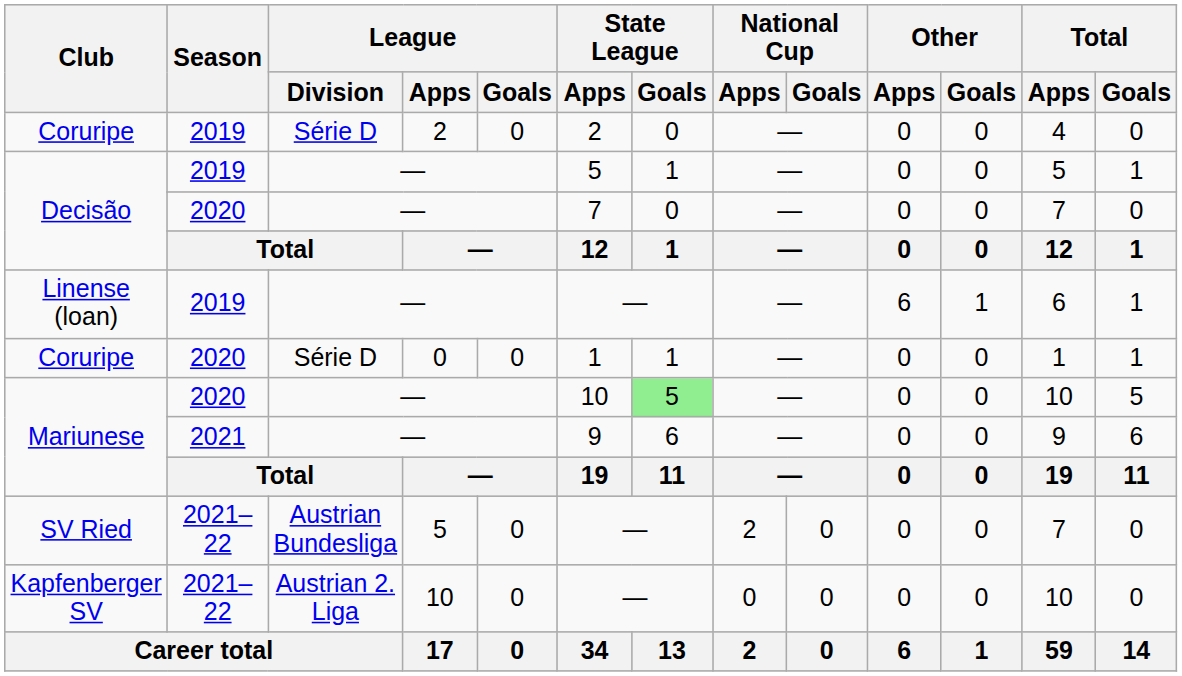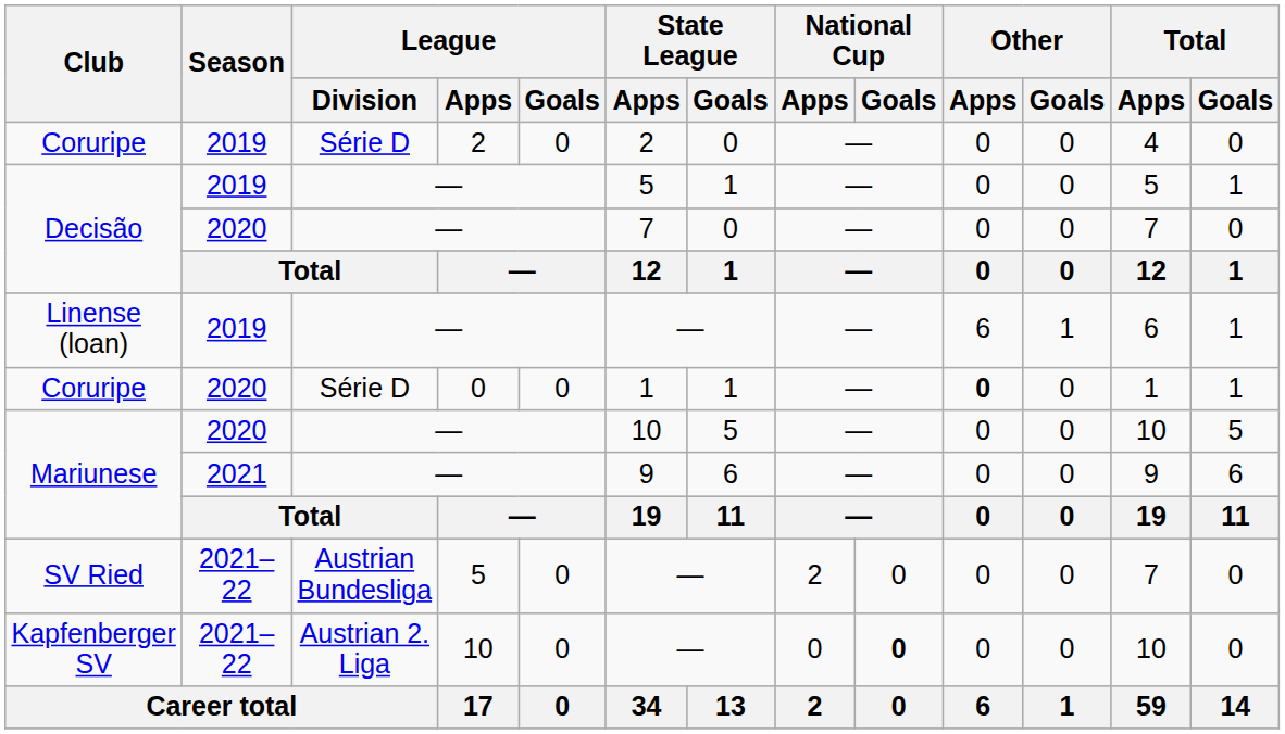 <table class="wikitable" style="text-align: center;">
 <tr>
 <th rowspan="2">Club</th>
 <th rowspan="2">Season</th>
 <th colspan="3">League</th>
 <th colspan="2">State League</th>
 <th colspan="2">National Cup</th>
 <th colspan="2">Other</th>
 <th colspan="2">Total</th>
 </tr>
 <tr>
 <th>Division</th>
 <th>Apps</th>
 <th>Goals</th>
 <th>Apps</th>
 <th>Goals</th>
 <th>Apps</th>
 <th>Goals</th>
 <th>Apps</th>
 <th>Goals</th>
 <th>Apps</th>
 <th>Goals</th>
 </tr>
 <tr>
 <td><a href='#'>Coruripe</a></td>
 <td><a href='#'>2019</a></td>
 <td><a href='#'>Série D</a></td>
 <td>2</td>
 <td>0</td>
 <td>2</td>
 <td>0</td>
 <td colspan="2">—</td>
 <td>0</td>
 <td>0</td>
 <td>4</td>
 <td>0</td>
 </tr>
 <tr>
 <td rowspan="3"><a href='#'>Decisão</a></td>
 <td><a href='#'>2019</a></td>
 <td colspan="3">—</td>
 <td>5</td>
 <td>1</td>
 <td colspan="2">—</td>
 <td>0</td>
 <td>0</td>
 <td>5</td>
 <td>1</td>
 </tr>
 <tr>
 <td><a href='#'>2020</a></td>
 <td colspan="3">—</td>
 <td>7</td>
 <td>0</td>
 <td colspan="2">—</td>
 <td>0</td>
 <td>0</td>
 <td>7</td>
 <td>0</td>
 </tr>
 <tr>
 <th colspan="2">Total</th>
 <th colspan="2">—</th>
 <th>12</th>
 <th>1</th>
 <th colspan="2">—</th>
 <th>0</th>
 <th>0</th>
 <th>12</th>
 <th>1</th>
 </tr>
 <tr>
 <td><a href='#'>Linense</a> (loan)</td>
 <td><a href='#'>2019</a></td>
 <td colspan="3">—</td>
 <td colspan="2">—</td>
 <td colspan="2">—</td>
 <td>6</td>
 <td>1</td>
 <td>6</td>
 <td>1</td>
 </tr>
 <tr>
 <td><a href='#'>Coruripe</a></td>
 <td><a href='#'>2020</a></td>
 <td>Série D</td>
 <td>0</td>
 <td>0</td>
 <td>1</td>
 <td>1</td>
 <td colspan="2">—</td>
-<td>0</td>
+<td><strong>0</strong></td>
 <td>0</td>
 <td>1</td>
 <td>1</td>
 </tr>
 <tr>
 <td rowspan="3"><a href='#'>Mariunese</a></td>
 <td><a href='#'>2020</a></td>
 <td colspan="3">—</td>
 <td>10</td>
-<td style="background: lightgreen;">5</td>
+<td>5</td>
 <td colspan="2">—</td>
 <td>0</td>
 <td>0</td>
 <td>10</td>
 <td>5</td>
 </tr>
 <tr>
 <td><a href='#'>2021</a></td>
 <td colspan="3">—</td>
 <td>9</td>
 <td>6</td>
 <td colspan="2">—</td>
 <td>0</td>
 <td>0</td>
 <td>9</td>
 <td>6</td>
 </tr>
 <tr>
 <th colspan="2">Total</th>
 <th colspan="2">—</th>
 <th>19</th>
 <th>11</th>
 <th colspan="2">—</th>
 <th>0</th>
 <th>0</th>
 <th>19</th>
 <th>11</th>
 </tr>
 <tr>
 <td><a href='#'>SV Ried</a></td>
 <td><a href='#'>2021–22</a></td>
 <td><a href='#'>Austrian Bundesliga</a></td>
 <td>5</td>
 <td>0</td>
 <td colspan="2">—</td>
 <td>2</td>
 <td>0</td>
 <td>0</td>
 <td>0</td>
 <td>7</td>
 <td>0</td>
 </tr>
 <tr>
 <td><a href='#'>Kapfenberger SV</a></td>
 <td><a href='#'>2021–22</a></td>
 <td><a href='#'>Austrian 2. Liga</a></td>
 <td>10</td>
 <td>0</td>
 <td colspan="2">—</td>
 <td>0</td>
-<td>0</td>
+<td><strong>0</strong></td>
 <td>0</td>
 <td>0</td>
 <td>10</td>
 <td>0</td>
 </tr>
 <tr>
 <th colspan="3">Career total</th>
 <th>17</th>
 <th>0</th>
 <th>34</th>
 <th>13</th>
 <th>2</th>
 <th>0</th>
 <th>6</th>
 <th>1</th>
 <th>59</th>
 <th>14</th>
 </tr>
 </table>
